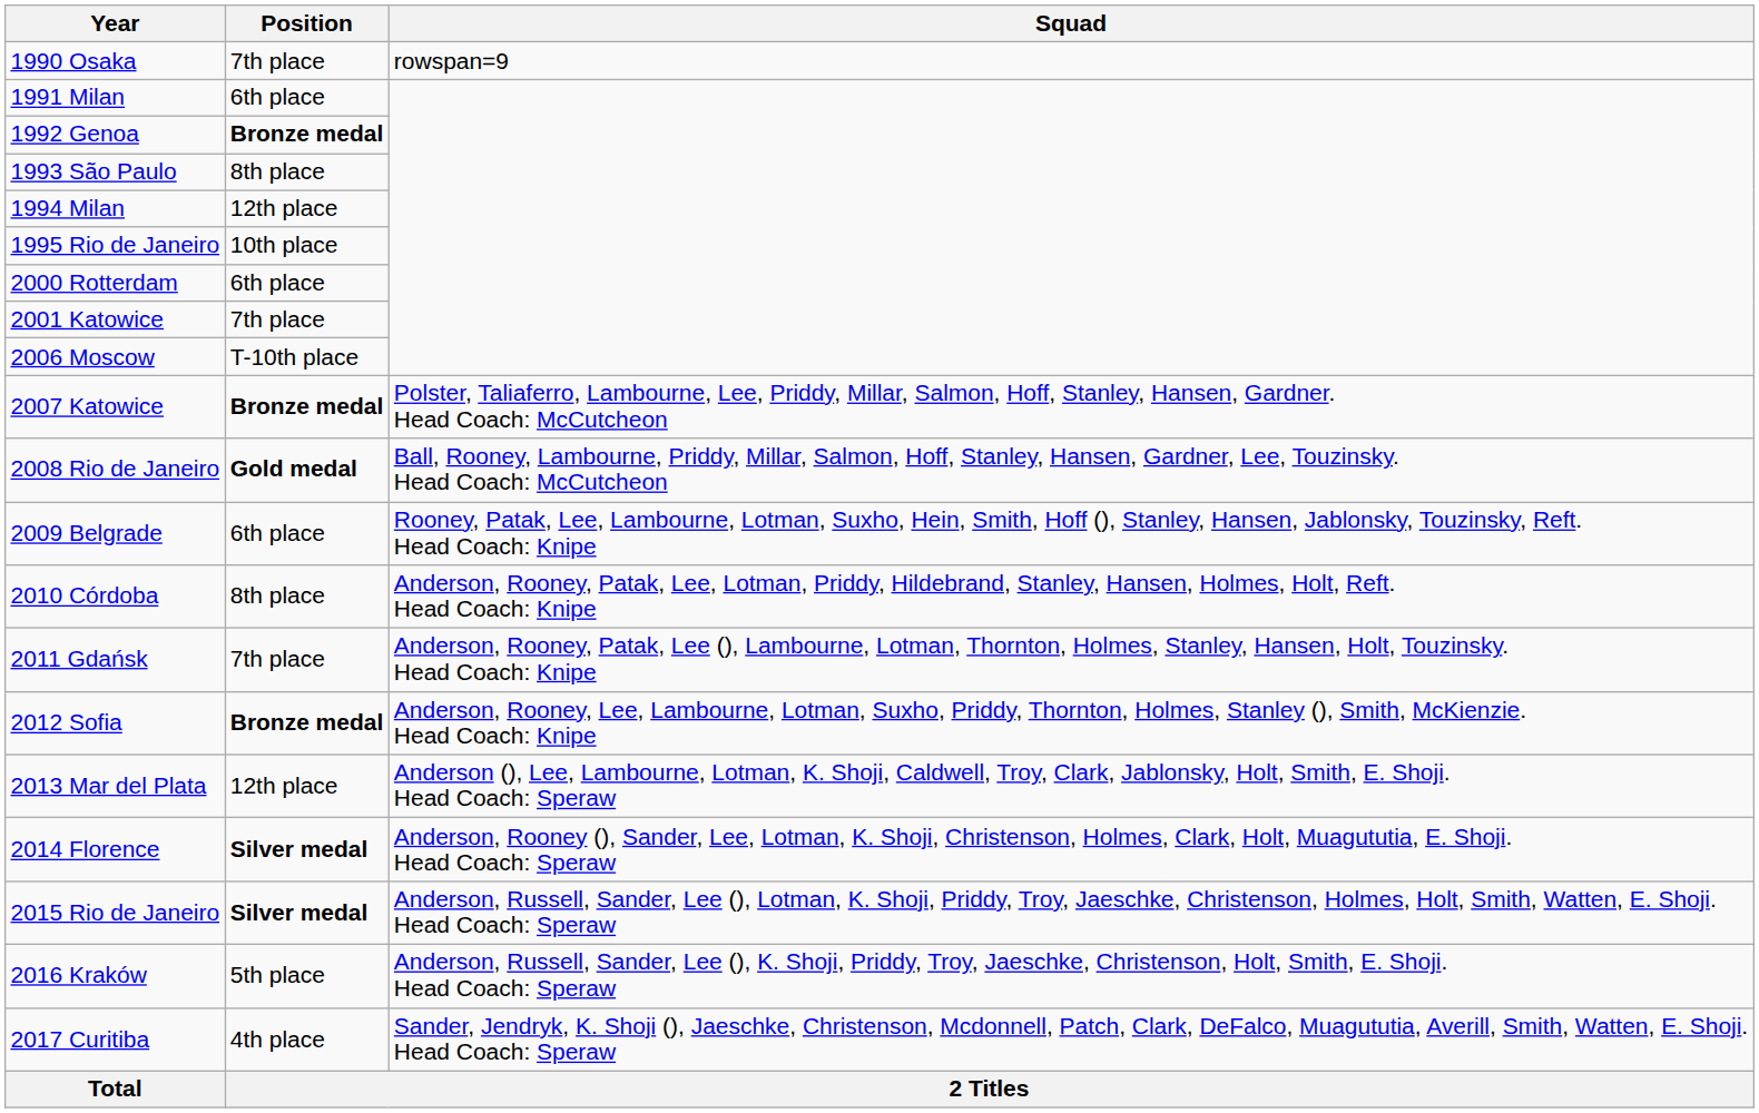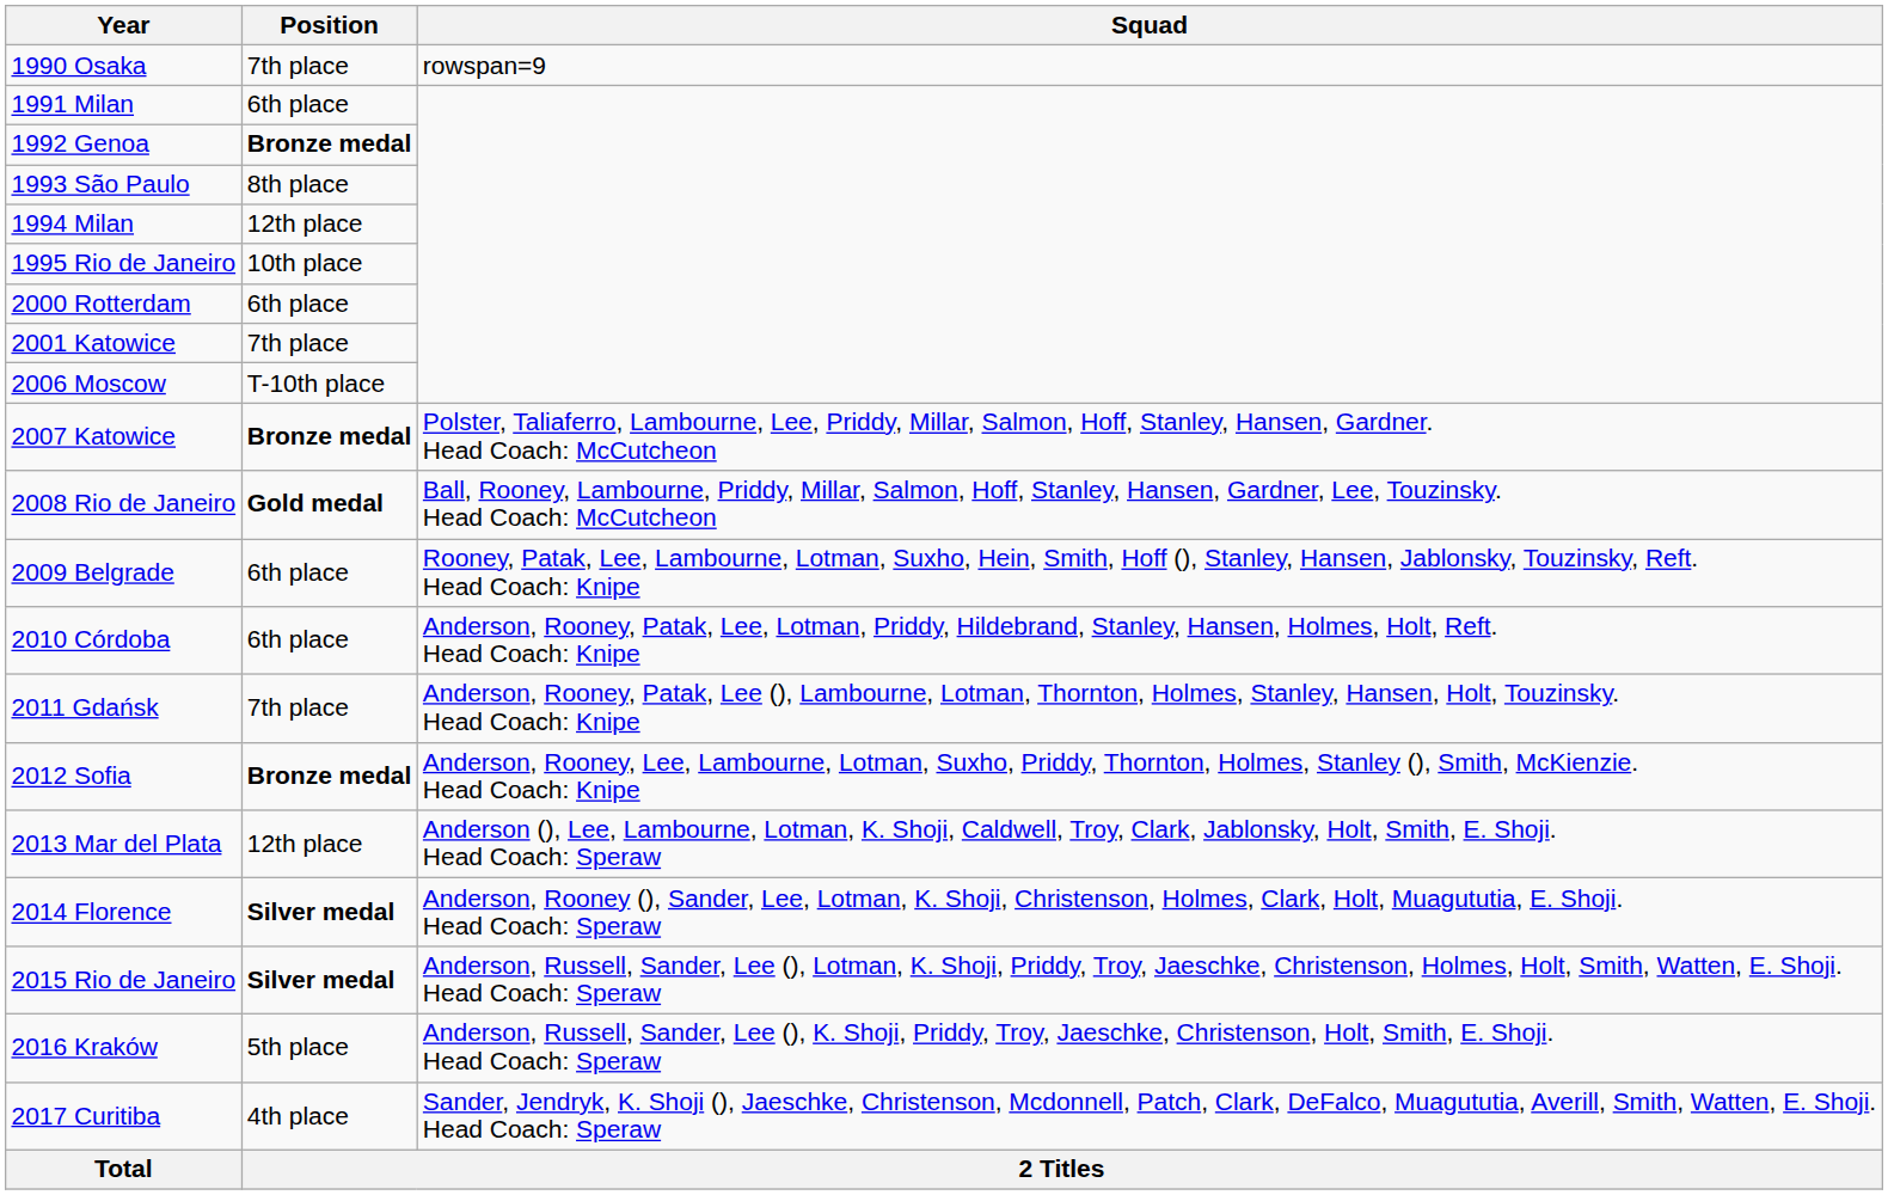 <table class="wikitable" style="text-align: center;">
 <tr>
 <th>Year</th>
 <th>Position</th>
 <th>Squad</th>
 </tr>
 <tr style="text-align:left;">
 <td><a href='#'>1990 Osaka</a></td>
 <td>7th place</td>
 <td>rowspan=9 </td>
 </tr>
 <tr style="text-align:left;">
 <td><a href='#'>1991 Milan</a></td>
 <td>6th place</td>
 </tr>
 <tr style="text-align:left;">
 <td><a href='#'>1992 Genoa</a></td>
 <td> <strong>Bronze medal</strong></td>
 </tr>
 <tr style="text-align:left;">
 <td><a href='#'>1993 São Paulo</a></td>
 <td>8th place</td>
 </tr>
 <tr style="text-align:left;">
 <td><a href='#'>1994 Milan</a></td>
 <td>12th place</td>
 </tr>
 <tr style="text-align:left;">
 <td><a href='#'>1995 Rio de Janeiro</a></td>
 <td>10th place</td>
 </tr>
 <tr style="text-align:left;">
 <td><a href='#'>2000 Rotterdam</a></td>
 <td>6th place</td>
 </tr>
 <tr style="text-align:left;">
 <td><a href='#'>2001 Katowice</a></td>
 <td>7th place</td>
 </tr>
 <tr style="text-align:left;">
 <td><a href='#'>2006 Moscow</a></td>
 <td>T-10th place</td>
 </tr>
 <tr style="text-align:left;">
 <td><a href='#'>2007 Katowice</a></td>
 <td> <strong>Bronze medal</strong></td>
 <td><a href='#'>Polster</a>, <a href='#'>Taliaferro</a>, <a href='#'>Lambourne</a>, <a href='#'>Lee</a>, <a href='#'>Priddy</a>, <a href='#'>Millar</a>, <a href='#'>Salmon</a>, <a href='#'>Hoff</a>, <a href='#'>Stanley</a>, <a href='#'>Hansen</a>, <a href='#'>Gardner</a>. <br>Head Coach: <a href='#'>McCutcheon</a></td>
 </tr>
 <tr style="text-align:left;">
 <td><a href='#'>2008 Rio de Janeiro</a></td>
 <td> <strong>Gold medal</strong></td>
 <td><a href='#'>Ball</a>, <a href='#'>Rooney</a>, <a href='#'>Lambourne</a>, <a href='#'>Priddy</a>, <a href='#'>Millar</a>, <a href='#'>Salmon</a>, <a href='#'>Hoff</a>, <a href='#'>Stanley</a>, <a href='#'>Hansen</a>, <a href='#'>Gardner</a>, <a href='#'>Lee</a>, <a href='#'>Touzinsky</a>. <br>Head Coach: <a href='#'>McCutcheon</a></td>
 </tr>
 <tr style="text-align:left;">
 <td><a href='#'>2009 Belgrade</a></td>
 <td>6th place</td>
 <td><a href='#'>Rooney</a>, <a href='#'>Patak</a>, <a href='#'>Lee</a>, <a href='#'>Lambourne</a>, <a href='#'>Lotman</a>, <a href='#'>Suxho</a>, <a href='#'>Hein</a>, <a href='#'>Smith</a>, <a href='#'>Hoff</a> (), <a href='#'>Stanley</a>, <a href='#'>Hansen</a>, <a href='#'>Jablonsky</a>, <a href='#'>Touzinsky</a>, <a href='#'>Reft</a>. <br>Head Coach: <a href='#'>Knipe</a></td>
 </tr>
 <tr style="text-align:left;">
 <td><a href='#'>2010 Córdoba</a></td>
-<td>8th place</td>
+<td>6th place</td>
 <td><a href='#'>Anderson</a>, <a href='#'>Rooney</a>, <a href='#'>Patak</a>, <a href='#'>Lee</a>, <a href='#'>Lotman</a>, <a href='#'>Priddy</a>, <a href='#'>Hildebrand</a>, <a href='#'>Stanley</a>, <a href='#'>Hansen</a>, <a href='#'>Holmes</a>, <a href='#'>Holt</a>, <a href='#'>Reft</a>. <br>Head Coach: <a href='#'>Knipe</a></td>
 </tr>
 <tr style="text-align:left;">
 <td><a href='#'>2011 Gdańsk</a></td>
 <td>7th place</td>
 <td><a href='#'>Anderson</a>, <a href='#'>Rooney</a>, <a href='#'>Patak</a>, <a href='#'>Lee</a> (), <a href='#'>Lambourne</a>, <a href='#'>Lotman</a>, <a href='#'>Thornton</a>, <a href='#'>Holmes</a>, <a href='#'>Stanley</a>, <a href='#'>Hansen</a>, <a href='#'>Holt</a>, <a href='#'>Touzinsky</a>. <br>Head Coach: <a href='#'>Knipe</a></td>
 </tr>
 <tr style="text-align:left;">
 <td><a href='#'>2012 Sofia</a></td>
 <td> <strong>Bronze medal</strong></td>
 <td><a href='#'>Anderson</a>, <a href='#'>Rooney</a>, <a href='#'>Lee</a>, <a href='#'>Lambourne</a>, <a href='#'>Lotman</a>, <a href='#'>Suxho</a>, <a href='#'>Priddy</a>, <a href='#'>Thornton</a>, <a href='#'>Holmes</a>, <a href='#'>Stanley</a> (), <a href='#'>Smith</a>, <a href='#'>McKienzie</a>. <br>Head Coach: <a href='#'>Knipe</a></td>
 </tr>
 <tr style="text-align:left;">
 <td><a href='#'>2013 Mar del Plata</a></td>
 <td>12th place</td>
 <td><a href='#'>Anderson</a> (), <a href='#'>Lee</a>, <a href='#'>Lambourne</a>, <a href='#'>Lotman</a>, <a href='#'>K. Shoji</a>, <a href='#'>Caldwell</a>, <a href='#'>Troy</a>, <a href='#'>Clark</a>, <a href='#'>Jablonsky</a>, <a href='#'>Holt</a>, <a href='#'>Smith</a>, <a href='#'>E. Shoji</a>. <br>Head Coach: <a href='#'>Speraw</a></td>
 </tr>
 <tr style="text-align:left;">
 <td><a href='#'>2014 Florence</a></td>
 <td> <strong>Silver medal</strong></td>
 <td><a href='#'>Anderson</a>, <a href='#'>Rooney</a> (), <a href='#'>Sander</a>, <a href='#'>Lee</a>, <a href='#'>Lotman</a>, <a href='#'>K. Shoji</a>, <a href='#'>Christenson</a>, <a href='#'>Holmes</a>, <a href='#'>Clark</a>, <a href='#'>Holt</a>, <a href='#'>Muagututia</a>, <a href='#'>E. Shoji</a>. <br>Head Coach: <a href='#'>Speraw</a></td>
 </tr>
 <tr style="text-align:left;">
 <td><a href='#'>2015 Rio de Janeiro</a></td>
 <td> <strong>Silver medal</strong></td>
 <td><a href='#'>Anderson</a>, <a href='#'>Russell</a>, <a href='#'>Sander</a>, <a href='#'>Lee</a> (), <a href='#'>Lotman</a>, <a href='#'>K. Shoji</a>, <a href='#'>Priddy</a>, <a href='#'>Troy</a>, <a href='#'>Jaeschke</a>, <a href='#'>Christenson</a>, <a href='#'>Holmes</a>, <a href='#'>Holt</a>, <a href='#'>Smith</a>, <a href='#'>Watten</a>, <a href='#'>E. Shoji</a>. <br>Head Coach: <a href='#'>Speraw</a></td>
 </tr>
 <tr style="text-align:left;">
 <td><a href='#'>2016 Kraków</a></td>
 <td>5th place</td>
 <td><a href='#'>Anderson</a>, <a href='#'>Russell</a>, <a href='#'>Sander</a>, <a href='#'>Lee</a> (), <a href='#'>K. Shoji</a>, <a href='#'>Priddy</a>, <a href='#'>Troy</a>, <a href='#'>Jaeschke</a>, <a href='#'>Christenson</a>, <a href='#'>Holt</a>, <a href='#'>Smith</a>, <a href='#'>E. Shoji</a>. <br>Head Coach: <a href='#'>Speraw</a></td>
 </tr>
 <tr style="text-align:left;">
 <td><a href='#'>2017 Curitiba</a></td>
 <td>4th place</td>
 <td><a href='#'>Sander</a>, <a href='#'>Jendryk</a>, <a href='#'>K. Shoji</a> (), <a href='#'>Jaeschke</a>, <a href='#'>Christenson</a>, <a href='#'>Mcdonnell</a>, <a href='#'>Patch</a>, <a href='#'>Clark</a>, <a href='#'>DeFalco</a>, <a href='#'>Muagututia</a>, <a href='#'>Averill</a>, <a href='#'>Smith</a>, <a href='#'>Watten</a>, <a href='#'>E. Shoji</a>. <br>Head Coach: <a href='#'>Speraw</a></td>
 </tr>
 <tr>
 <th>Total</th>
 <th colspan="2">2 Titles</th>
 </tr>
 </table>
